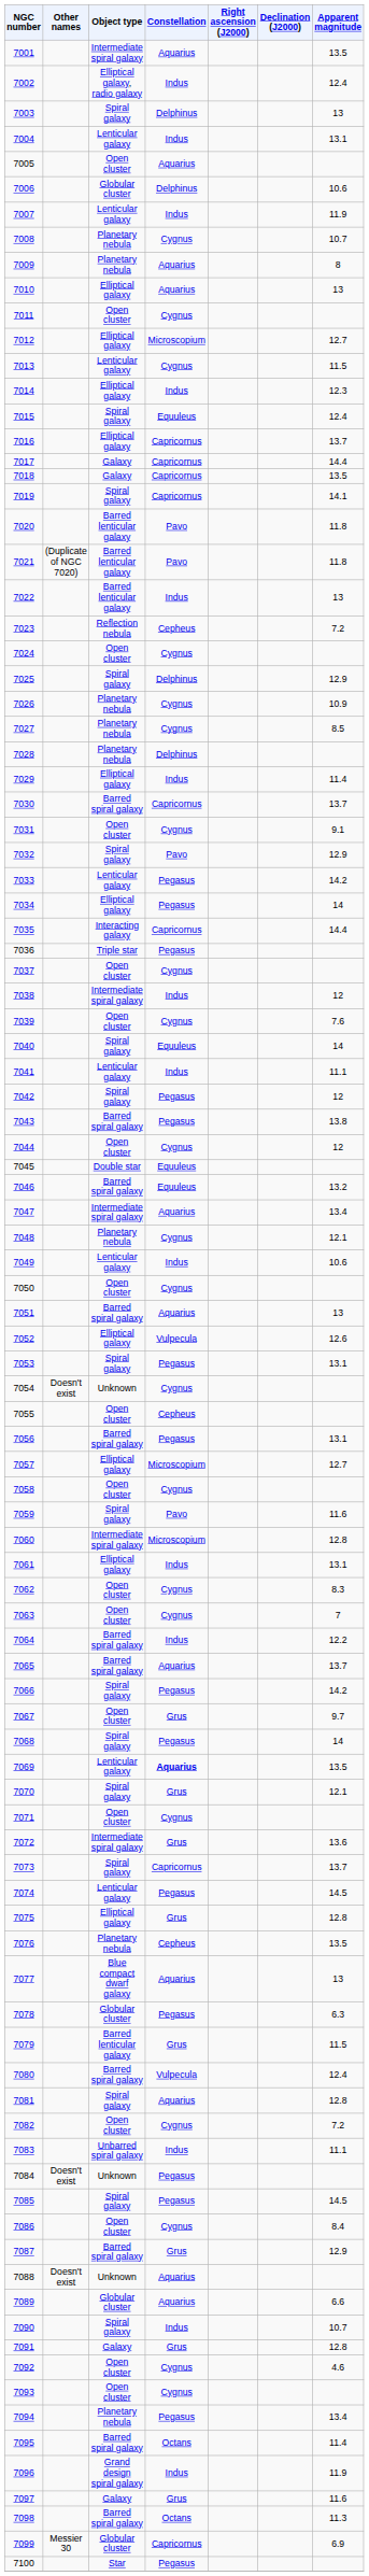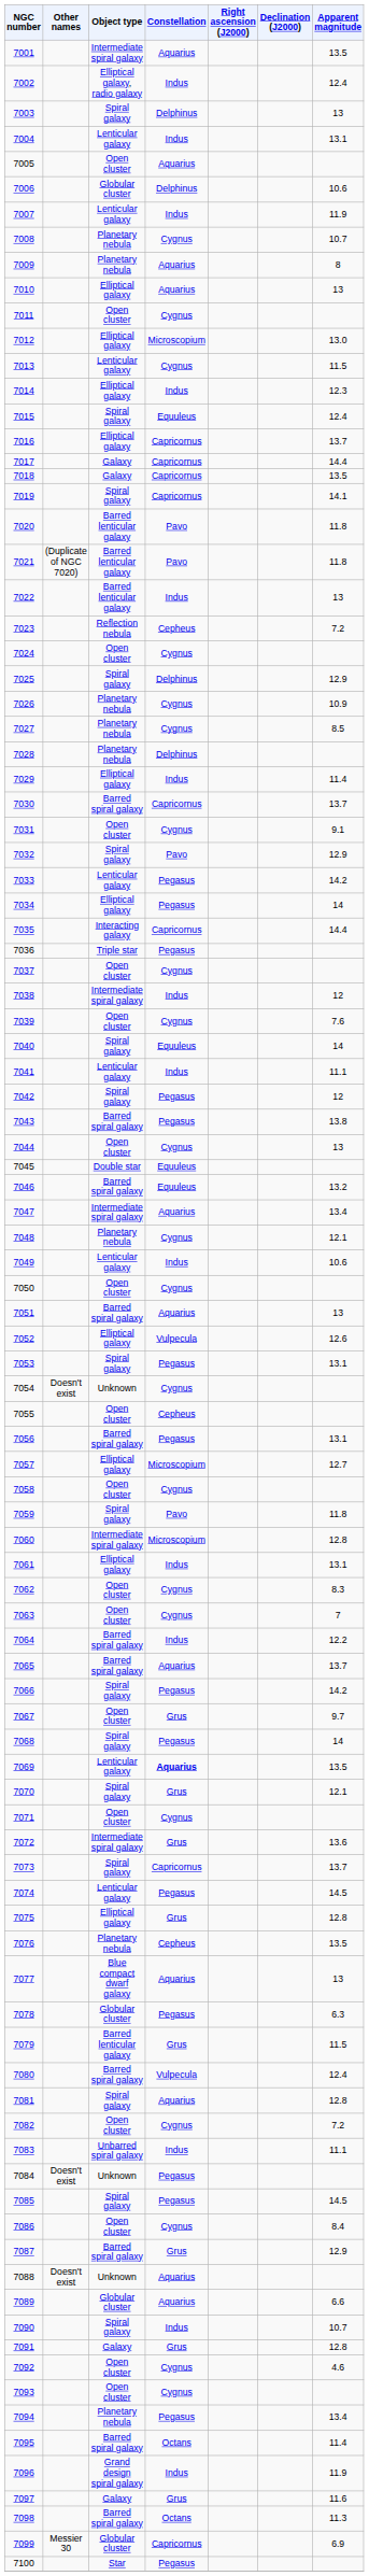 <table class="wikitable sortable sticky-header sort-under" style="text-align: center;">
 <tr>
 <th style="background-color:#edf3fe; width: 10%;">NGC number</th>
 <th style="background-color:#edf3fe; width: 15%;">Other names</th>
 <th style="background-color:#edf3fe; width: 20%;">Object type</th>
 <th style="background-color:#edf3fe; width: 15%;"><a href='#'>Constellation</a></th>
 <th style="background-color:#edf3fe; width: 15%;"><a href='#'>Right ascension</a> (<a href='#'>J2000</a>)</th>
 <th style="background-color:#edf3fe; width: 15%;"><a href='#'>Declination</a> (<a href='#'>J2000</a>)</th>
 <th style="background-color:#edf3fe; width: 10%;"><a href='#'>Apparent magnitude</a></th>
 </tr>
 <tr>
 <td><a href='#'>7001</a></td>
 <td></td>
 <td><a href='#'>Intermediate spiral galaxy</a></td>
 <td><a href='#'>Aquarius</a></td>
 <td></td>
 <td></td>
 <td>13.5</td>
 </tr>
 <tr>
 <td><a href='#'>7002</a></td>
 <td></td>
 <td><a href='#'>Elliptical galaxy</a>, <a href='#'>radio galaxy</a></td>
 <td><a href='#'>Indus</a></td>
 <td></td>
 <td></td>
 <td>12.4</td>
 </tr>
 <tr>
 <td><a href='#'>7003</a></td>
 <td></td>
 <td><a href='#'>Spiral galaxy</a></td>
 <td><a href='#'>Delphinus</a></td>
 <td></td>
 <td></td>
 <td>13</td>
 </tr>
 <tr>
 <td><a href='#'>7004</a></td>
 <td></td>
 <td><a href='#'>Lenticular galaxy</a></td>
 <td><a href='#'>Indus</a></td>
 <td></td>
 <td></td>
 <td>13.1</td>
 </tr>
 <tr>
 <td>7005</td>
 <td></td>
 <td><a href='#'>Open cluster</a></td>
 <td><a href='#'>Aquarius</a></td>
 <td></td>
 <td></td>
 <td></td>
 </tr>
 <tr>
 <td><a href='#'>7006</a></td>
 <td></td>
 <td><a href='#'>Globular cluster</a></td>
 <td><a href='#'>Delphinus</a></td>
 <td></td>
 <td></td>
 <td>10.6</td>
 </tr>
 <tr>
 <td><a href='#'>7007</a></td>
 <td></td>
 <td><a href='#'>Lenticular galaxy</a></td>
 <td><a href='#'>Indus</a></td>
 <td></td>
 <td></td>
 <td>11.9</td>
 </tr>
 <tr>
 <td><a href='#'>7008</a></td>
 <td></td>
 <td><a href='#'>Planetary nebula</a></td>
 <td><a href='#'>Cygnus</a></td>
 <td></td>
 <td></td>
 <td>10.7</td>
 </tr>
 <tr>
 <td><a href='#'>7009</a></td>
 <td></td>
 <td><a href='#'>Planetary nebula</a></td>
 <td><a href='#'>Aquarius</a></td>
 <td></td>
 <td></td>
 <td>8</td>
 </tr>
 <tr>
 <td><a href='#'>7010</a></td>
 <td></td>
 <td><a href='#'>Elliptical galaxy</a></td>
 <td><a href='#'>Aquarius</a></td>
 <td></td>
 <td></td>
 <td>13</td>
 </tr>
 <tr>
 <td><a href='#'>7011</a></td>
 <td></td>
 <td><a href='#'>Open cluster</a></td>
 <td><a href='#'>Cygnus</a></td>
 <td></td>
 <td></td>
 <td></td>
 </tr>
 <tr>
 <td><a href='#'>7012</a></td>
 <td></td>
 <td><a href='#'>Elliptical galaxy</a></td>
 <td><a href='#'>Microscopium</a></td>
 <td></td>
 <td></td>
-<td>12.7</td>
+<td>13.0</td>
 </tr>
 <tr>
 <td><a href='#'>7013</a></td>
 <td></td>
 <td><a href='#'>Lenticular galaxy</a></td>
 <td><a href='#'>Cygnus</a></td>
 <td></td>
 <td></td>
 <td>11.5</td>
 </tr>
 <tr>
 <td><a href='#'>7014</a></td>
 <td></td>
 <td><a href='#'>Elliptical galaxy</a></td>
 <td><a href='#'>Indus</a></td>
 <td></td>
 <td></td>
 <td>12.3</td>
 </tr>
 <tr>
 <td><a href='#'>7015</a></td>
 <td></td>
 <td><a href='#'>Spiral galaxy</a></td>
 <td><a href='#'>Equuleus</a></td>
 <td></td>
 <td></td>
 <td>12.4</td>
 </tr>
 <tr>
 <td><a href='#'>7016</a></td>
 <td></td>
 <td><a href='#'>Elliptical galaxy</a></td>
 <td><a href='#'>Capricornus</a></td>
 <td></td>
 <td></td>
 <td>13.7</td>
 </tr>
 <tr>
 <td><a href='#'>7017</a></td>
 <td></td>
 <td><a href='#'>Galaxy</a></td>
 <td><a href='#'>Capricornus</a></td>
 <td></td>
 <td></td>
 <td>14.4</td>
 </tr>
 <tr>
 <td><a href='#'>7018</a></td>
 <td></td>
 <td><a href='#'>Galaxy</a></td>
 <td><a href='#'>Capricornus</a></td>
 <td></td>
 <td></td>
 <td>13.5</td>
 </tr>
 <tr>
 <td><a href='#'>7019</a></td>
 <td></td>
 <td><a href='#'>Spiral galaxy</a></td>
 <td><a href='#'>Capricornus</a></td>
 <td></td>
 <td></td>
 <td>14.1</td>
 </tr>
 <tr>
 <td><a href='#'>7020</a></td>
 <td></td>
 <td><a href='#'>Barred lenticular galaxy</a></td>
 <td><a href='#'>Pavo</a></td>
 <td></td>
 <td></td>
 <td>11.8</td>
 </tr>
 <tr>
 <td><a href='#'>7021</a></td>
 <td>(Duplicate of NGC 7020)</td>
 <td><a href='#'>Barred lenticular galaxy</a></td>
 <td><a href='#'>Pavo</a></td>
 <td></td>
 <td></td>
 <td>11.8</td>
 </tr>
 <tr>
 <td><a href='#'>7022</a></td>
 <td></td>
 <td><a href='#'>Barred lenticular galaxy</a></td>
 <td><a href='#'>Indus</a></td>
 <td></td>
 <td></td>
 <td>13</td>
 </tr>
 <tr>
 <td><a href='#'>7023</a></td>
 <td></td>
 <td><a href='#'>Reflection nebula</a></td>
 <td><a href='#'>Cepheus</a></td>
 <td></td>
 <td></td>
 <td>7.2</td>
 </tr>
 <tr>
 <td><a href='#'>7024</a></td>
 <td></td>
 <td><a href='#'>Open cluster</a></td>
 <td><a href='#'>Cygnus</a></td>
 <td></td>
 <td></td>
 <td></td>
 </tr>
 <tr>
 <td><a href='#'>7025</a></td>
 <td></td>
 <td><a href='#'>Spiral galaxy</a></td>
 <td><a href='#'>Delphinus</a></td>
 <td></td>
 <td></td>
 <td>12.9</td>
 </tr>
 <tr>
 <td><a href='#'>7026</a></td>
 <td></td>
 <td><a href='#'>Planetary nebula</a></td>
 <td><a href='#'>Cygnus</a></td>
 <td></td>
 <td></td>
 <td>10.9</td>
 </tr>
 <tr>
 <td><a href='#'>7027</a></td>
 <td></td>
 <td><a href='#'>Planetary nebula</a></td>
 <td><a href='#'>Cygnus</a></td>
 <td></td>
 <td></td>
 <td>8.5</td>
 </tr>
 <tr>
 <td><a href='#'>7028</a></td>
 <td></td>
 <td><a href='#'>Planetary nebula</a></td>
 <td><a href='#'>Delphinus</a></td>
 <td></td>
 <td></td>
 <td></td>
 </tr>
 <tr>
 <td><a href='#'>7029</a></td>
 <td></td>
 <td><a href='#'>Elliptical galaxy</a></td>
 <td><a href='#'>Indus</a></td>
 <td></td>
 <td></td>
 <td>11.4</td>
 </tr>
 <tr>
 <td><a href='#'>7030</a></td>
 <td></td>
 <td><a href='#'>Barred spiral galaxy</a></td>
 <td><a href='#'>Capricornus</a></td>
 <td></td>
 <td></td>
 <td>13.7</td>
 </tr>
 <tr>
 <td><a href='#'>7031</a></td>
 <td></td>
 <td><a href='#'>Open cluster</a></td>
 <td><a href='#'>Cygnus</a></td>
 <td></td>
 <td></td>
 <td>9.1</td>
 </tr>
 <tr>
 <td><a href='#'>7032</a></td>
 <td></td>
 <td><a href='#'>Spiral galaxy</a></td>
 <td><a href='#'>Pavo</a></td>
 <td></td>
 <td></td>
 <td>12.9</td>
 </tr>
 <tr>
 <td><a href='#'>7033</a></td>
 <td></td>
 <td><a href='#'>Lenticular galaxy</a></td>
 <td><a href='#'>Pegasus</a></td>
 <td></td>
 <td></td>
 <td>14.2</td>
 </tr>
 <tr>
 <td><a href='#'>7034</a></td>
 <td></td>
 <td><a href='#'>Elliptical galaxy</a></td>
 <td><a href='#'>Pegasus</a></td>
 <td></td>
 <td></td>
 <td>14</td>
 </tr>
 <tr>
 <td><a href='#'>7035</a></td>
 <td></td>
 <td><a href='#'>Interacting galaxy</a></td>
 <td><a href='#'>Capricornus</a></td>
 <td></td>
 <td></td>
 <td>14.4</td>
 </tr>
 <tr>
 <td>7036</td>
 <td></td>
 <td><a href='#'>Triple star</a></td>
 <td><a href='#'>Pegasus</a></td>
 <td></td>
 <td></td>
 <td></td>
 </tr>
 <tr>
 <td><a href='#'>7037</a></td>
 <td></td>
 <td><a href='#'>Open cluster</a></td>
 <td><a href='#'>Cygnus</a></td>
 <td></td>
 <td></td>
 <td></td>
 </tr>
 <tr>
 <td><a href='#'>7038</a></td>
 <td></td>
 <td><a href='#'>Intermediate spiral galaxy</a></td>
 <td><a href='#'>Indus</a></td>
 <td></td>
 <td></td>
 <td>12</td>
 </tr>
 <tr>
 <td><a href='#'>7039</a></td>
 <td></td>
 <td><a href='#'>Open cluster</a></td>
 <td><a href='#'>Cygnus</a></td>
 <td></td>
 <td></td>
 <td>7.6</td>
 </tr>
 <tr>
 <td><a href='#'>7040</a></td>
 <td></td>
 <td><a href='#'>Spiral galaxy</a></td>
 <td><a href='#'>Equuleus</a></td>
 <td></td>
 <td></td>
 <td>14</td>
 </tr>
 <tr>
 <td><a href='#'>7041</a></td>
 <td></td>
 <td><a href='#'>Lenticular galaxy</a></td>
 <td><a href='#'>Indus</a></td>
 <td></td>
 <td></td>
 <td>11.1</td>
 </tr>
 <tr>
 <td><a href='#'>7042</a></td>
 <td></td>
 <td><a href='#'>Spiral galaxy</a></td>
 <td><a href='#'>Pegasus</a></td>
 <td></td>
 <td></td>
 <td>12</td>
 </tr>
 <tr>
 <td><a href='#'>7043</a></td>
 <td></td>
 <td><a href='#'>Barred spiral galaxy</a></td>
 <td><a href='#'>Pegasus</a></td>
 <td></td>
 <td></td>
 <td>13.8</td>
 </tr>
 <tr>
 <td><a href='#'>7044</a></td>
 <td></td>
 <td><a href='#'>Open cluster</a></td>
 <td><a href='#'>Cygnus</a></td>
 <td></td>
 <td></td>
-<td>12</td>
+<td>13</td>
 </tr>
 <tr>
 <td>7045</td>
 <td></td>
 <td><a href='#'>Double star</a></td>
 <td><a href='#'>Equuleus</a></td>
 <td></td>
 <td></td>
 <td></td>
 </tr>
 <tr>
 <td><a href='#'>7046</a></td>
 <td></td>
 <td><a href='#'>Barred spiral galaxy</a></td>
 <td><a href='#'>Equuleus</a></td>
 <td></td>
 <td></td>
 <td>13.2</td>
 </tr>
 <tr>
 <td><a href='#'>7047</a></td>
 <td></td>
 <td><a href='#'>Intermediate spiral galaxy</a></td>
 <td><a href='#'>Aquarius</a></td>
 <td></td>
 <td></td>
 <td>13.4</td>
 </tr>
 <tr>
 <td><a href='#'>7048</a></td>
 <td></td>
 <td><a href='#'>Planetary nebula</a></td>
 <td><a href='#'>Cygnus</a></td>
 <td></td>
 <td></td>
 <td>12.1</td>
 </tr>
 <tr>
 <td><a href='#'>7049</a></td>
 <td></td>
 <td><a href='#'>Lenticular galaxy</a></td>
 <td><a href='#'>Indus</a></td>
 <td></td>
 <td></td>
 <td>10.6</td>
 </tr>
 <tr>
 <td>7050</td>
 <td></td>
 <td><a href='#'>Open cluster</a></td>
 <td><a href='#'>Cygnus</a></td>
 <td></td>
 <td></td>
 <td></td>
 </tr>
 <tr>
 <td><a href='#'>7051</a></td>
 <td></td>
 <td><a href='#'>Barred spiral galaxy</a></td>
 <td><a href='#'>Aquarius</a></td>
 <td></td>
 <td></td>
 <td>13</td>
 </tr>
 <tr>
 <td><a href='#'>7052</a></td>
 <td></td>
 <td><a href='#'>Elliptical galaxy</a></td>
 <td><a href='#'>Vulpecula</a></td>
 <td></td>
 <td></td>
 <td>12.6</td>
 </tr>
 <tr>
 <td><a href='#'>7053</a></td>
 <td></td>
 <td><a href='#'>Spiral galaxy</a></td>
 <td><a href='#'>Pegasus</a></td>
 <td></td>
 <td></td>
 <td>13.1</td>
 </tr>
 <tr>
 <td>7054</td>
 <td>Doesn't exist</td>
 <td>Unknown</td>
 <td><a href='#'>Cygnus</a></td>
 <td></td>
 <td></td>
 <td></td>
 </tr>
 <tr>
 <td>7055</td>
 <td></td>
 <td><a href='#'>Open cluster</a></td>
 <td><a href='#'>Cepheus</a></td>
 <td></td>
 <td></td>
 <td></td>
 </tr>
 <tr>
 <td><a href='#'>7056</a></td>
 <td></td>
 <td><a href='#'>Barred spiral galaxy</a></td>
 <td><a href='#'>Pegasus</a></td>
 <td></td>
 <td></td>
 <td>13.1</td>
 </tr>
 <tr>
 <td><a href='#'>7057</a></td>
 <td></td>
 <td><a href='#'>Elliptical galaxy</a></td>
 <td><a href='#'>Microscopium</a></td>
 <td></td>
 <td></td>
 <td>12.7</td>
 </tr>
 <tr>
 <td><a href='#'>7058</a></td>
 <td></td>
 <td><a href='#'>Open cluster</a></td>
 <td><a href='#'>Cygnus</a></td>
 <td></td>
 <td></td>
 <td></td>
 </tr>
 <tr>
 <td><a href='#'>7059</a></td>
 <td></td>
 <td><a href='#'>Spiral galaxy</a></td>
 <td><a href='#'>Pavo</a></td>
 <td></td>
 <td></td>
-<td>11.6</td>
+<td>11.8</td>
 </tr>
 <tr>
 <td><a href='#'>7060</a></td>
 <td></td>
 <td><a href='#'>Intermediate spiral galaxy</a></td>
 <td><a href='#'>Microscopium</a></td>
 <td></td>
 <td></td>
 <td>12.8</td>
 </tr>
 <tr>
 <td><a href='#'>7061</a></td>
 <td></td>
 <td><a href='#'>Elliptical galaxy</a></td>
 <td><a href='#'>Indus</a></td>
 <td></td>
 <td></td>
 <td>13.1</td>
 </tr>
 <tr>
 <td><a href='#'>7062</a></td>
 <td></td>
 <td><a href='#'>Open cluster</a></td>
 <td><a href='#'>Cygnus</a></td>
 <td></td>
 <td></td>
 <td>8.3</td>
 </tr>
 <tr>
 <td><a href='#'>7063</a></td>
 <td></td>
 <td><a href='#'>Open cluster</a></td>
 <td><a href='#'>Cygnus</a></td>
 <td></td>
 <td></td>
 <td>7</td>
 </tr>
 <tr>
 <td><a href='#'>7064</a></td>
 <td></td>
 <td><a href='#'>Barred spiral galaxy</a></td>
 <td><a href='#'>Indus</a></td>
 <td></td>
 <td></td>
 <td>12.2</td>
 </tr>
 <tr>
 <td><a href='#'>7065</a></td>
 <td></td>
 <td><a href='#'>Barred spiral galaxy</a></td>
 <td><a href='#'>Aquarius</a></td>
 <td></td>
 <td></td>
 <td>13.7</td>
 </tr>
 <tr>
 <td><a href='#'>7066</a></td>
 <td></td>
 <td><a href='#'>Spiral galaxy</a></td>
 <td><a href='#'>Pegasus</a></td>
 <td></td>
 <td></td>
 <td>14.2</td>
 </tr>
 <tr>
 <td><a href='#'>7067</a></td>
 <td></td>
 <td><a href='#'>Open cluster</a></td>
 <td><a href='#'>Grus</a></td>
 <td></td>
 <td></td>
 <td>9.7</td>
 </tr>
 <tr>
 <td><a href='#'>7068</a></td>
 <td></td>
 <td><a href='#'>Spiral galaxy</a></td>
 <td><a href='#'>Pegasus</a></td>
 <td></td>
 <td></td>
 <td>14</td>
 </tr>
 <tr>
 <td><a href='#'>7069</a></td>
 <td></td>
 <td><a href='#'>Lenticular galaxy</a></td>
 <td><strong><a href='#'>Aquarius</a></strong></td>
 <td></td>
 <td></td>
 <td>13.5</td>
 </tr>
 <tr>
 <td><a href='#'>7070</a></td>
 <td></td>
 <td><a href='#'>Spiral galaxy</a></td>
 <td><a href='#'>Grus</a></td>
 <td></td>
 <td></td>
 <td>12.1</td>
 </tr>
 <tr>
 <td><a href='#'>7071</a></td>
 <td></td>
 <td><a href='#'>Open cluster</a></td>
 <td><a href='#'>Cygnus</a></td>
 <td></td>
 <td></td>
 <td></td>
 </tr>
 <tr>
 <td><a href='#'>7072</a></td>
 <td></td>
 <td><a href='#'>Intermediate spiral galaxy</a></td>
 <td><a href='#'>Grus</a></td>
 <td></td>
 <td></td>
 <td>13.6</td>
 </tr>
 <tr>
 <td><a href='#'>7073</a></td>
 <td></td>
 <td><a href='#'>Spiral galaxy</a></td>
 <td><a href='#'>Capricornus</a></td>
 <td></td>
 <td></td>
 <td>13.7</td>
 </tr>
 <tr>
 <td><a href='#'>7074</a></td>
 <td></td>
 <td><a href='#'>Lenticular galaxy</a></td>
 <td><a href='#'>Pegasus</a></td>
 <td></td>
 <td></td>
 <td>14.5</td>
 </tr>
 <tr>
 <td><a href='#'>7075</a></td>
 <td></td>
 <td><a href='#'>Elliptical galaxy</a></td>
 <td><a href='#'>Grus</a></td>
 <td></td>
 <td></td>
 <td>12.8</td>
 </tr>
 <tr>
 <td><a href='#'>7076</a></td>
 <td></td>
 <td><a href='#'>Planetary nebula</a></td>
 <td><a href='#'>Cepheus</a></td>
 <td></td>
 <td></td>
 <td>13.5</td>
 </tr>
 <tr>
 <td><a href='#'>7077</a></td>
 <td></td>
 <td><a href='#'>Blue compact dwarf galaxy</a></td>
 <td><a href='#'>Aquarius</a></td>
 <td></td>
 <td></td>
 <td>13</td>
 </tr>
 <tr>
 <td><a href='#'>7078</a></td>
 <td></td>
 <td><a href='#'>Globular cluster</a></td>
 <td><a href='#'>Pegasus</a></td>
 <td></td>
 <td></td>
 <td>6.3</td>
 </tr>
 <tr>
 <td><a href='#'>7079</a></td>
 <td></td>
 <td><a href='#'>Barred lenticular galaxy</a></td>
 <td><a href='#'>Grus</a></td>
 <td></td>
 <td></td>
 <td>11.5</td>
 </tr>
 <tr>
 <td><a href='#'>7080</a></td>
 <td></td>
 <td><a href='#'>Barred spiral galaxy</a></td>
 <td><a href='#'>Vulpecula</a></td>
 <td></td>
 <td></td>
 <td>12.4</td>
 </tr>
 <tr>
 <td><a href='#'>7081</a></td>
 <td></td>
 <td><a href='#'>Spiral galaxy</a></td>
 <td><a href='#'>Aquarius</a></td>
 <td></td>
 <td></td>
 <td>12.8</td>
 </tr>
 <tr>
 <td><a href='#'>7082</a></td>
 <td></td>
 <td><a href='#'>Open cluster</a></td>
 <td><a href='#'>Cygnus</a></td>
 <td></td>
 <td></td>
 <td>7.2</td>
 </tr>
 <tr>
 <td><a href='#'>7083</a></td>
 <td></td>
 <td><a href='#'>Unbarred spiral galaxy</a></td>
 <td><a href='#'>Indus</a></td>
 <td></td>
 <td></td>
 <td>11.1</td>
 </tr>
 <tr>
 <td>7084</td>
 <td>Doesn't exist</td>
 <td>Unknown</td>
 <td><a href='#'>Pegasus</a></td>
 <td></td>
 <td></td>
 <td></td>
 </tr>
 <tr>
 <td><a href='#'>7085</a></td>
 <td></td>
 <td><a href='#'>Spiral galaxy</a></td>
 <td><a href='#'>Pegasus</a></td>
 <td></td>
 <td></td>
 <td>14.5</td>
 </tr>
 <tr>
 <td><a href='#'>7086</a></td>
 <td></td>
 <td><a href='#'>Open cluster</a></td>
 <td><a href='#'>Cygnus</a></td>
 <td></td>
 <td></td>
 <td>8.4</td>
 </tr>
 <tr>
 <td><a href='#'>7087</a></td>
 <td></td>
 <td><a href='#'>Barred spiral galaxy</a></td>
 <td><a href='#'>Grus</a></td>
 <td></td>
 <td></td>
 <td>12.9</td>
 </tr>
 <tr>
 <td>7088</td>
 <td>Doesn't exist</td>
 <td>Unknown</td>
 <td><a href='#'>Aquarius</a></td>
 <td></td>
 <td></td>
 <td></td>
 </tr>
 <tr>
 <td><a href='#'>7089</a></td>
 <td></td>
 <td><a href='#'>Globular cluster</a></td>
 <td><a href='#'>Aquarius</a></td>
 <td></td>
 <td></td>
 <td>6.6</td>
 </tr>
 <tr>
 <td><a href='#'>7090</a></td>
 <td></td>
 <td><a href='#'>Spiral galaxy</a></td>
 <td><a href='#'>Indus</a></td>
 <td></td>
 <td></td>
 <td>10.7</td>
 </tr>
 <tr>
 <td><a href='#'>7091</a></td>
 <td></td>
 <td><a href='#'>Galaxy</a></td>
 <td><a href='#'>Grus</a></td>
 <td></td>
 <td></td>
 <td>12.8</td>
 </tr>
 <tr>
 <td><a href='#'>7092</a></td>
 <td></td>
 <td><a href='#'>Open cluster</a></td>
 <td><a href='#'>Cygnus</a></td>
 <td></td>
 <td></td>
 <td>4.6</td>
 </tr>
 <tr>
 <td><a href='#'>7093</a></td>
 <td></td>
 <td><a href='#'>Open cluster</a></td>
 <td><a href='#'>Cygnus</a></td>
 <td></td>
 <td></td>
 <td></td>
 </tr>
 <tr>
 <td><a href='#'>7094</a></td>
 <td></td>
 <td><a href='#'>Planetary nebula</a></td>
 <td><a href='#'>Pegasus</a></td>
 <td></td>
 <td></td>
 <td>13.4</td>
 </tr>
 <tr>
 <td><a href='#'>7095</a></td>
 <td></td>
 <td><a href='#'>Barred spiral galaxy</a></td>
 <td><a href='#'>Octans</a></td>
 <td></td>
 <td></td>
 <td>11.4</td>
 </tr>
 <tr>
 <td><a href='#'>7096</a></td>
 <td></td>
 <td><a href='#'>Grand design spiral galaxy</a></td>
 <td><a href='#'>Indus</a></td>
 <td></td>
 <td></td>
 <td>11.9</td>
 </tr>
 <tr>
 <td><a href='#'>7097</a></td>
 <td></td>
 <td><a href='#'>Galaxy</a></td>
 <td><a href='#'>Grus</a></td>
 <td></td>
 <td></td>
 <td>11.6</td>
 </tr>
 <tr>
 <td><a href='#'>7098</a></td>
 <td></td>
 <td><a href='#'>Barred spiral galaxy</a></td>
 <td><a href='#'>Octans</a></td>
 <td></td>
 <td></td>
 <td>11.3</td>
 </tr>
 <tr>
 <td><a href='#'>7099</a></td>
 <td>Messier 30</td>
 <td><a href='#'>Globular cluster</a></td>
 <td><a href='#'>Capricornus</a></td>
 <td></td>
 <td></td>
 <td>6.9</td>
 </tr>
 <tr>
 <td>7100</td>
 <td></td>
 <td><a href='#'>Star</a></td>
 <td><a href='#'>Pegasus</a></td>
 <td></td>
 <td></td>
 <td></td>
 </tr>
 <tr>
 </tr>
 </table>
